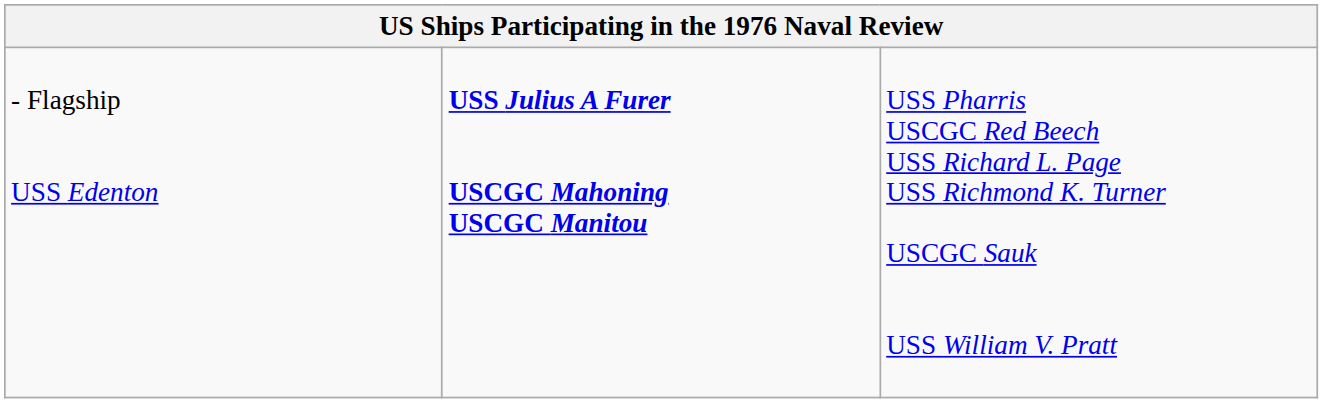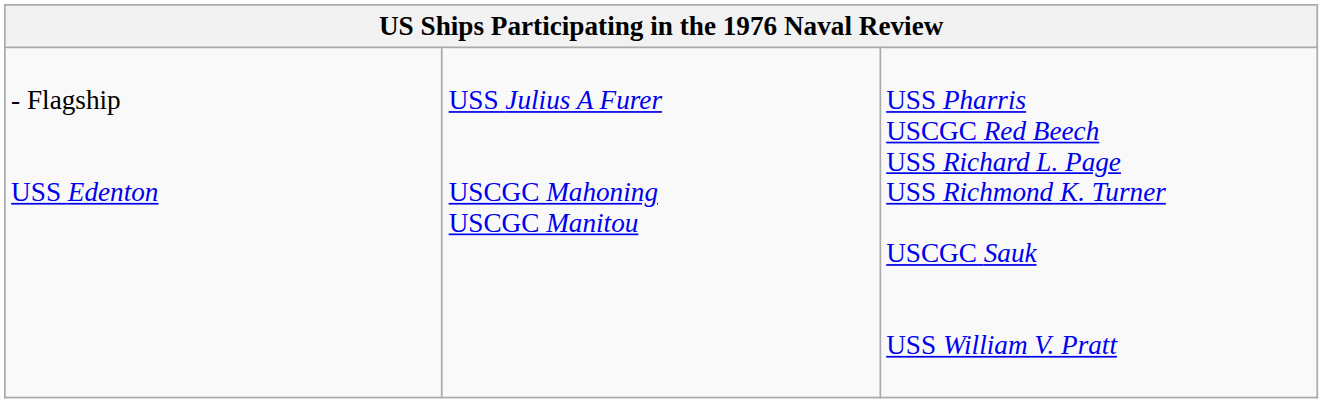 <table class="wikitable">
 <tr>
 <th colspan="3">US Ships Participating in the 1976 Naval Review</th>
 </tr>
 <tr>
 <td style="width:250px; vertical-align: top;"><br> - Flagship<br> <br> <br> <a href='#'>USS <em>Edenton</em></a><br> <br> <br> <br> <br> <br> <br></td>
-<td style="width:250px; vertical-align: top;"><strong><br><a href='#'>USS <em>Julius A Furer</em></a><br> <br> <br> <a href='#'>USCGC <em>Mahoning</em></a><br> <a href='#'>USCGC <em>Manitou</em></a><br> <br> <br> <br> <br></strong></td>
+<td style="width:250px; vertical-align: top;"><br><a href='#'>USS <em>Julius A Furer</em></a><br> <br> <br> <a href='#'>USCGC <em>Mahoning</em></a><br> <a href='#'>USCGC <em>Manitou</em></a><br> <br> <br> <br> <br></td>
 <td style="width:250px; vertical-align: top;"><br><a href='#'>USS <em>Pharris</em></a><br> <a href='#'>USCGC <em>Red Beech </em></a><br> <a href='#'>USS <em>Richard L. Page</em></a><br> <a href='#'>USS <em>Richmond K. Turner</em></a><br> <br> <a href='#'>USCGC <em>Sauk</em></a><br> <br> <br> <a href='#'>USS <em>William V. Pratt</em></a><br></td>
 </tr>
 </table>
